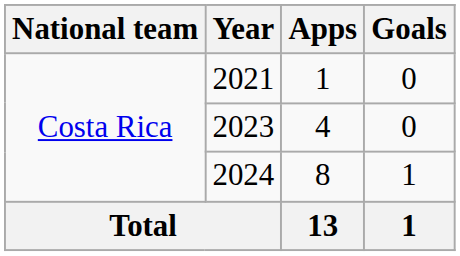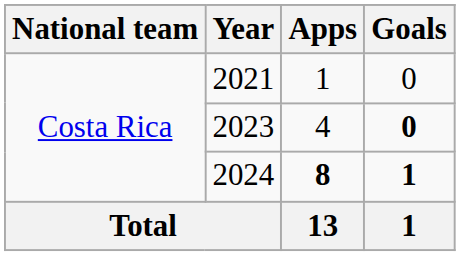 <table class=wikitable style=text-align:center>
 <tr>
 <th>National team</th>
 <th>Year</th>
 <th>Apps</th>
 <th>Goals</th>
 </tr>
 <tr>
 <td rowspan="3"><a href='#'>Costa Rica</a></td>
 <td>2021</td>
 <td>1</td>
 <td>0</td>
 </tr>
 <tr>
 <td>2023</td>
 <td>4</td>
-<td>0</td>
+<td><strong>0</strong></td>
 </tr>
 <tr>
 <td>2024</td>
-<td>8</td>
-<td>1</td>
+<td><strong>8</strong></td>
+<td><strong>1</strong></td>
 </tr>
 <tr>
 <th colspan="2">Total</th>
 <th>13</th>
 <th>1</th>
 </tr>
 </table>
